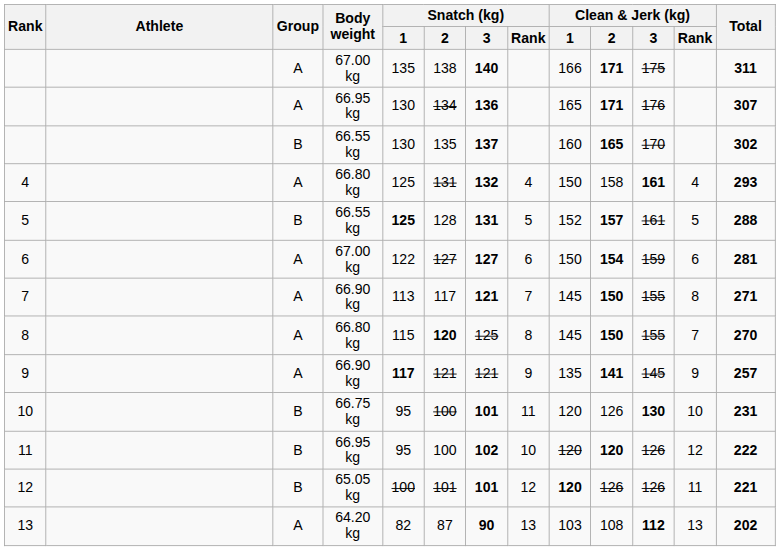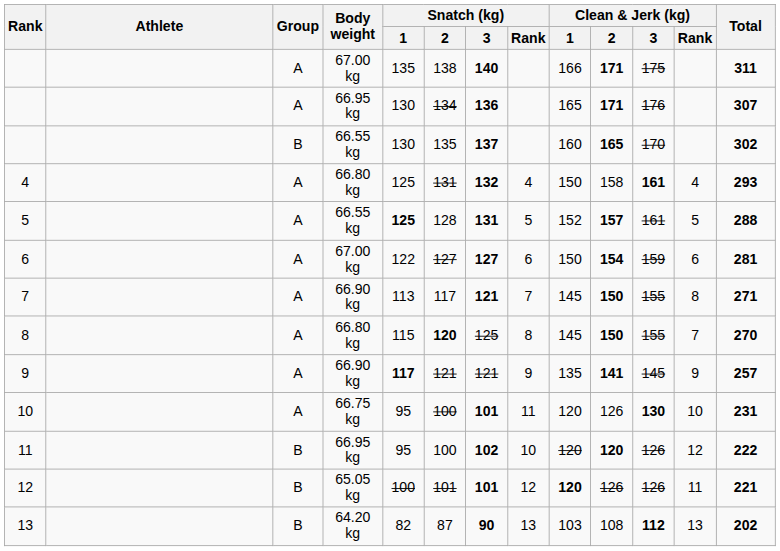 <table class = "wikitable" style="text-align:center;">
 <tr>
 <th rowspan=2 width=40>Rank</th>
 <th rowspan=2 width=250>Athlete</th>
 <th rowspan=2 width=50>Group</th>
 <th rowspan=2 width=60>Body weight</th>
 <th colspan=4>Snatch (kg)</th>
 <th colspan=4>Clean & Jerk (kg)</th>
 <th rowspan=2 width=60>Total</th>
 </tr>
 <tr>
 <th width=40>1</th>
 <th width=40>2</th>
 <th width=40>3</th>
 <th width=40>Rank</th>
 <th width=40>1</th>
 <th width=40>2</th>
 <th width=40>3</th>
 <th width=40>Rank</th>
 </tr>
 <tr>
 <td></td>
 <td align=left></td>
 <td>A</td>
 <td>67.00 kg</td>
 <td>135</td>
 <td>138</td>
 <td><strong>140</strong></td>
 <td></td>
 <td>166</td>
 <td><strong>171</strong></td>
 <td><s>175</s></td>
 <td></td>
 <td><strong>311</strong></td>
 </tr>
 <tr>
 <td></td>
 <td align=left></td>
 <td>A</td>
 <td>66.95 kg</td>
 <td>130</td>
 <td><s>134</s></td>
 <td><strong>136</strong></td>
 <td></td>
 <td>165</td>
 <td><strong>171</strong></td>
 <td><s>176</s></td>
 <td></td>
 <td><strong>307</strong></td>
 </tr>
 <tr>
 <td></td>
 <td align=left></td>
 <td>B</td>
 <td>66.55 kg</td>
 <td>130</td>
 <td>135</td>
 <td><strong>137</strong></td>
 <td></td>
 <td>160</td>
 <td><strong>165</strong></td>
 <td><s>170</s></td>
 <td></td>
 <td><strong>302</strong></td>
 </tr>
 <tr>
 <td>4</td>
 <td align=left></td>
 <td>A</td>
 <td>66.80 kg</td>
 <td>125</td>
 <td><s>131</s></td>
 <td><strong>132</strong></td>
 <td>4</td>
 <td>150</td>
 <td>158</td>
 <td><strong>161</strong></td>
 <td>4</td>
 <td><strong>293</strong></td>
 </tr>
 <tr>
 <td>5</td>
 <td align=left></td>
-<td>B</td>
+<td>A</td>
 <td>66.55 kg</td>
 <td><strong>125</strong></td>
 <td>128</td>
 <td><strong>131</strong></td>
 <td>5</td>
 <td>152</td>
 <td><strong>157</strong></td>
 <td><s>161</s></td>
 <td>5</td>
 <td><strong>288</strong></td>
 </tr>
 <tr>
 <td>6</td>
 <td align=left></td>
 <td>A</td>
 <td>67.00 kg</td>
 <td>122</td>
 <td><s>127</s></td>
 <td><strong>127</strong></td>
 <td>6</td>
 <td>150</td>
 <td><strong>154</strong></td>
 <td><s>159</s></td>
 <td>6</td>
 <td><strong>281</strong></td>
 </tr>
 <tr>
 <td>7</td>
 <td align=left></td>
 <td>A</td>
 <td>66.90 kg</td>
 <td>113</td>
 <td>117</td>
 <td><strong>121</strong></td>
 <td>7</td>
 <td>145</td>
 <td><strong>150</strong></td>
 <td><s>155</s></td>
 <td>8</td>
 <td><strong>271</strong></td>
 </tr>
 <tr>
 <td>8</td>
 <td align=left></td>
 <td>A</td>
 <td>66.80 kg</td>
 <td>115</td>
 <td><strong>120</strong></td>
 <td><s>125</s></td>
 <td>8</td>
 <td>145</td>
 <td><strong>150</strong></td>
 <td><s>155</s></td>
 <td>7</td>
 <td><strong>270</strong></td>
 </tr>
 <tr>
 <td>9</td>
 <td align=left></td>
 <td>A</td>
 <td>66.90 kg</td>
 <td><strong>117</strong></td>
 <td><s>121</s></td>
 <td><s>121</s></td>
 <td>9</td>
 <td>135</td>
 <td><strong>141</strong></td>
 <td><s>145</s></td>
 <td>9</td>
 <td><strong>257</strong></td>
 </tr>
 <tr>
 <td>10</td>
 <td align=left></td>
-<td>B</td>
+<td>A</td>
 <td>66.75 kg</td>
 <td>95</td>
 <td><s>100</s></td>
 <td><strong>101</strong></td>
 <td>11</td>
 <td>120</td>
 <td>126</td>
 <td><strong>130</strong></td>
 <td>10</td>
 <td><strong>231</strong></td>
 </tr>
 <tr>
 <td>11</td>
 <td align=left></td>
 <td>B</td>
 <td>66.95 kg</td>
 <td>95</td>
 <td>100</td>
 <td><strong>102</strong></td>
 <td>10</td>
 <td><s>120</s></td>
 <td><strong>120</strong></td>
 <td><s>126</s></td>
 <td>12</td>
 <td><strong>222</strong></td>
 </tr>
 <tr>
 <td>12</td>
 <td align=left></td>
 <td>B</td>
 <td>65.05 kg</td>
 <td><s>100</s></td>
 <td><s>101</s></td>
 <td><strong>101</strong></td>
 <td>12</td>
 <td><strong>120</strong></td>
 <td><s>126</s></td>
 <td><s>126</s></td>
 <td>11</td>
 <td><strong>221</strong></td>
 </tr>
 <tr>
 <td>13</td>
 <td align=left></td>
-<td>A</td>
+<td>B</td>
 <td>64.20 kg</td>
 <td>82</td>
 <td>87</td>
 <td><strong>90</strong></td>
 <td>13</td>
 <td>103</td>
 <td>108</td>
 <td><strong>112</strong></td>
 <td>13</td>
 <td><strong>202</strong></td>
 </tr>
 </table>
